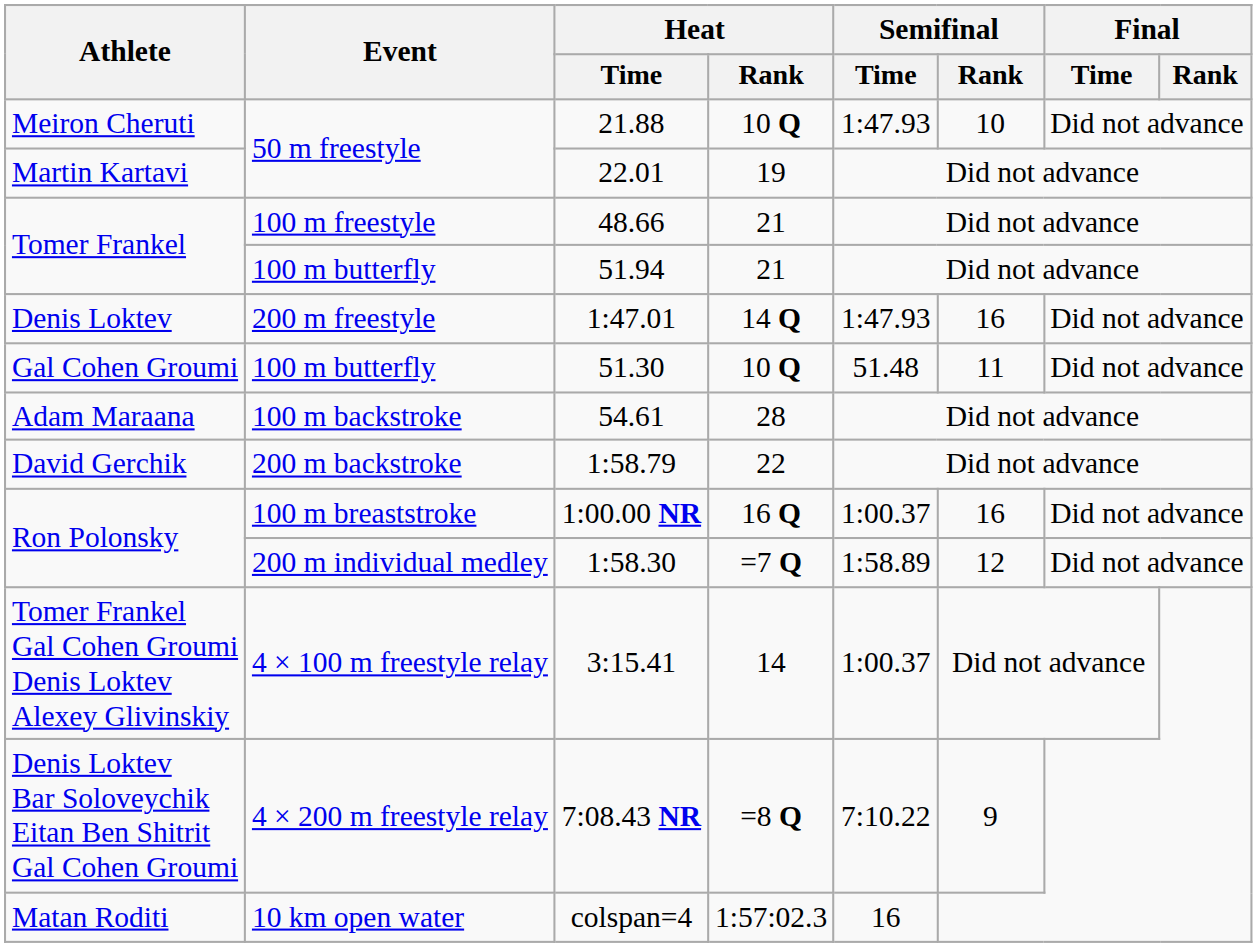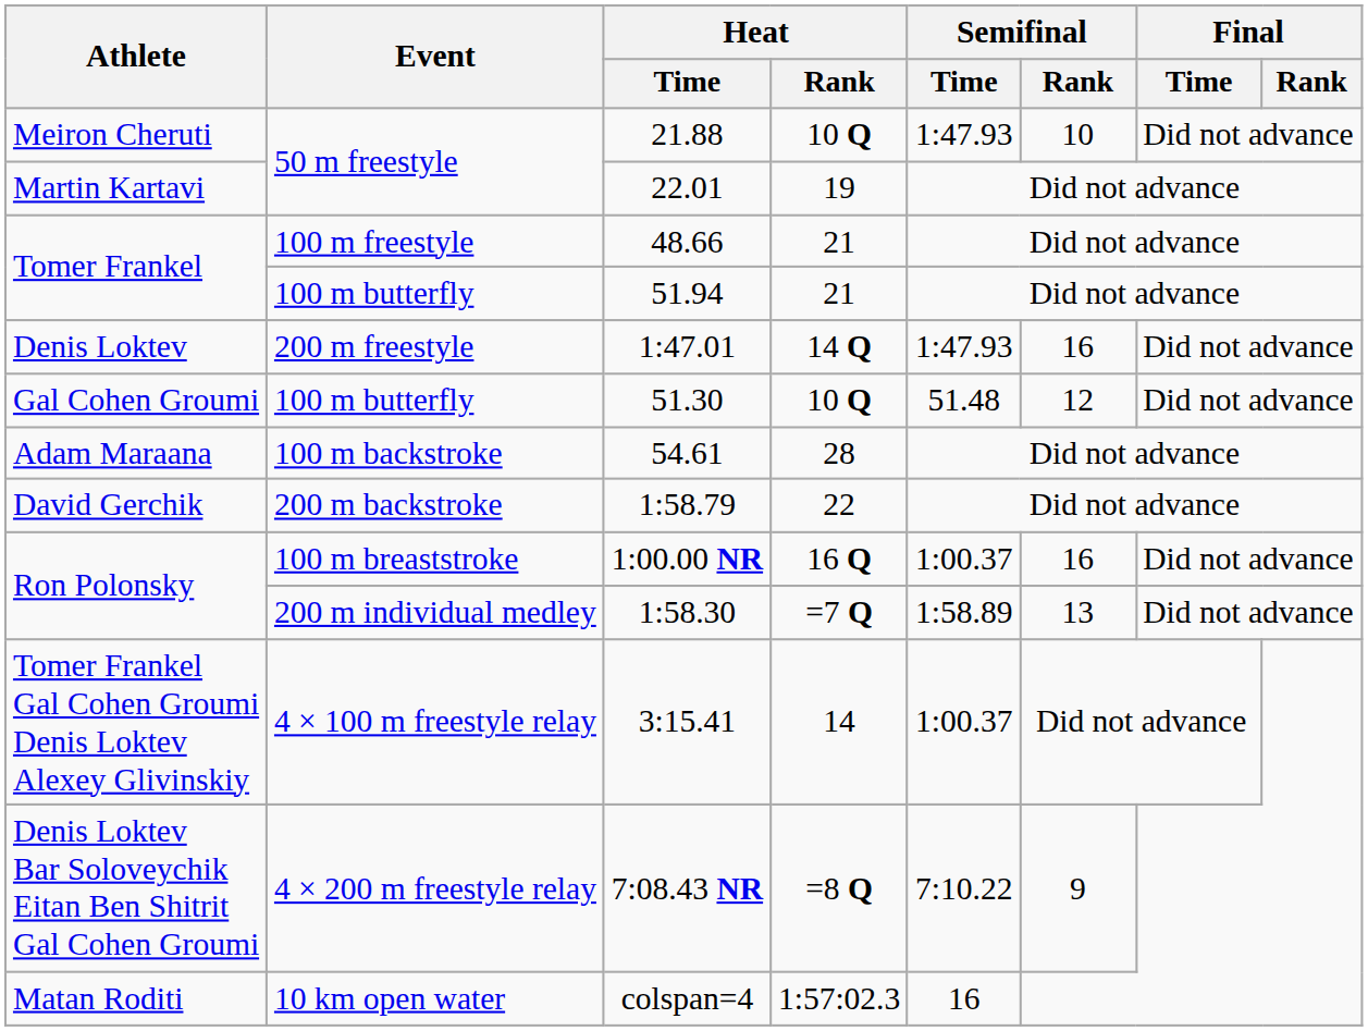 <table class=wikitable style="font-size:90%; text-align:center;">
 <tr>
 <th rowspan=2>Athlete</th>
 <th rowspan=2>Event</th>
 <th colspan=2>Heat</th>
 <th colspan=2>Semifinal</th>
 <th colspan=2>Final</th>
 </tr>
 <tr style="font-size:95%">
 <th>Time</th>
 <th>Rank</th>
 <th>Time</th>
 <th>Rank</th>
 <th>Time</th>
 <th>Rank</th>
 </tr>
 <tr>
 <td align=left><a href='#'>Meiron Cheruti</a></td>
 <td align=left rowspan=2><a href='#'>50 m freestyle</a></td>
 <td>21.88</td>
 <td>10 <strong>Q</strong></td>
 <td>1:47.93</td>
 <td>10</td>
 <td colspan=2>Did not advance</td>
 </tr>
 <tr>
 <td align=left><a href='#'>Martin Kartavi</a></td>
 <td>22.01</td>
 <td>19</td>
 <td colspan=4>Did not advance</td>
 </tr>
 <tr>
 <td align=left rowspan=2><a href='#'>Tomer Frankel</a></td>
 <td align=left><a href='#'>100 m freestyle</a></td>
 <td>48.66</td>
 <td>21</td>
 <td colspan=4>Did not advance</td>
 </tr>
 <tr>
 <td align=left><a href='#'>100 m butterfly</a></td>
 <td>51.94</td>
 <td>21</td>
 <td colspan=4>Did not advance</td>
 </tr>
 <tr>
 <td align=left><a href='#'>Denis Loktev</a></td>
 <td align=left><a href='#'>200 m freestyle</a></td>
 <td>1:47.01</td>
 <td>14 <strong>Q</strong></td>
 <td>1:47.93</td>
 <td>16</td>
 <td colspan=2>Did not advance</td>
 </tr>
 <tr>
 <td align=left><a href='#'>Gal Cohen Groumi</a></td>
 <td align=left><a href='#'>100 m butterfly</a></td>
 <td>51.30</td>
 <td>10 <strong>Q</strong></td>
 <td>51.48</td>
-<td>11</td>
+<td>12</td>
 <td colspan=2>Did not advance</td>
 </tr>
 <tr>
 <td align=left><a href='#'>Adam Maraana</a></td>
 <td align=left><a href='#'>100 m backstroke</a></td>
 <td>54.61</td>
 <td>28</td>
 <td colspan=4>Did not advance</td>
 </tr>
 <tr>
 <td align=left><a href='#'>David Gerchik</a></td>
 <td align=left><a href='#'>200 m backstroke</a></td>
 <td>1:58.79</td>
 <td>22</td>
 <td colspan=4>Did not advance</td>
 </tr>
 <tr>
 <td align=left rowspan=2><a href='#'>Ron Polonsky</a></td>
 <td align=left><a href='#'>100 m breaststroke</a></td>
 <td>1:00.00 <strong><a href='#'>NR</a></strong></td>
 <td>16 <strong>Q</strong></td>
 <td>1:00.37</td>
 <td>16</td>
 <td colspan=2>Did not advance</td>
 </tr>
 <tr>
 <td align=left><a href='#'>200 m individual medley</a></td>
 <td>1:58.30</td>
 <td>=7 <strong>Q</strong></td>
 <td>1:58.89</td>
-<td>12</td>
+<td>13</td>
 <td colspan=2>Did not advance</td>
 </tr>
 <tr>
 <td align=left><a href='#'>Tomer Frankel</a><br><a href='#'>Gal Cohen Groumi</a><br><a href='#'>Denis Loktev</a><br><a href='#'>Alexey Glivinskiy</a></td>
 <td align=left><a href='#'>4 × 100 m freestyle relay</a></td>
 <td>3:15.41</td>
 <td>14</td>
 <td>1:00.37</td>
 <td colspan=2>Did not advance</td>
 </tr>
 <tr>
 <td align=left><a href='#'>Denis Loktev</a><br><a href='#'>Bar Soloveychik</a><br><a href='#'>Eitan Ben Shitrit</a><br><a href='#'>Gal Cohen Groumi</a></td>
 <td align=left><a href='#'>4 × 200 m freestyle relay</a></td>
 <td>7:08.43 <strong><a href='#'>NR</a></strong></td>
 <td>=8 <strong>Q</strong></td>
 <td>7:10.22</td>
 <td>9</td>
 </tr>
 <tr>
 <td align=left><a href='#'>Matan Roditi</a></td>
 <td align=left><a href='#'>10 km open water</a></td>
 <td>colspan=4 </td>
 <td>1:57:02.3</td>
 <td>16</td>
 </tr>
 </table>
